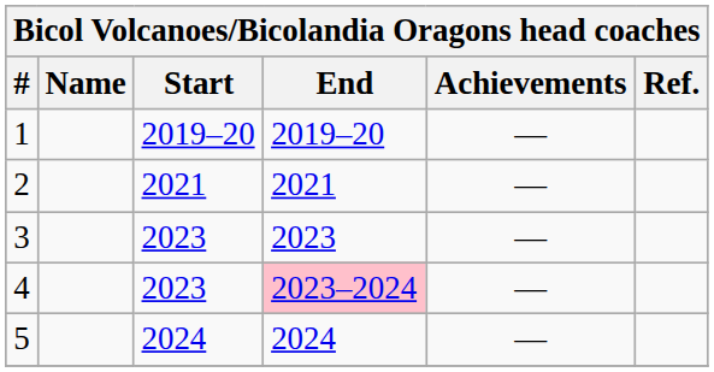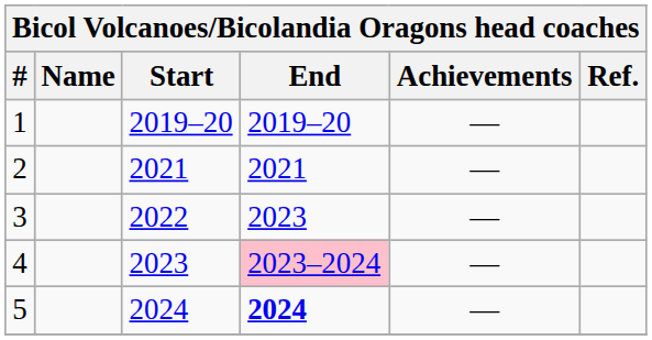 <table class="wikitable sortable">
 <tr>
 <th colspan="6">Bicol Volcanoes/Bicolandia Oragons head coaches</th>
 </tr>
 <tr>
 <th>#</th>
 <th>Name</th>
 <th>Start</th>
 <th>End</th>
 <th>Achievements</th>
 <th>Ref.</th>
 </tr>
 <tr>
 <td align=center>1</td>
 <td></td>
 <td><a href='#'>2019–20</a></td>
 <td><a href='#'>2019–20</a></td>
 <td align=center>—</td>
 <td></td>
 </tr>
 <tr>
 <td align=center>2</td>
 <td></td>
 <td><a href='#'>2021</a></td>
 <td><a href='#'>2021</a></td>
 <td align=center>—</td>
 <td></td>
 </tr>
 <tr>
 <td align=center>3</td>
 <td></td>
-<td><a href='#'>2023</a></td>
+<td><a href='#'>2022</a></td>
 <td><a href='#'>2023</a></td>
 <td align=center>—</td>
 <td></td>
 </tr>
 <tr>
 <td align=center>4</td>
 <td></td>
 <td><a href='#'>2023</a></td>
 <td style="background: pink;"><a href='#'>2023–2024</a></td>
 <td align=center>—</td>
 <td></td>
 </tr>
 <tr>
 <td align=center>5</td>
 <td></td>
 <td><a href='#'>2024</a></td>
-<td><a href='#'>2024</a></td>
+<td><strong><a href='#'>2024</a></strong></td>
 <td align=center>—</td>
 <td></td>
 </tr>
 <tr>
 </tr>
 </table>
